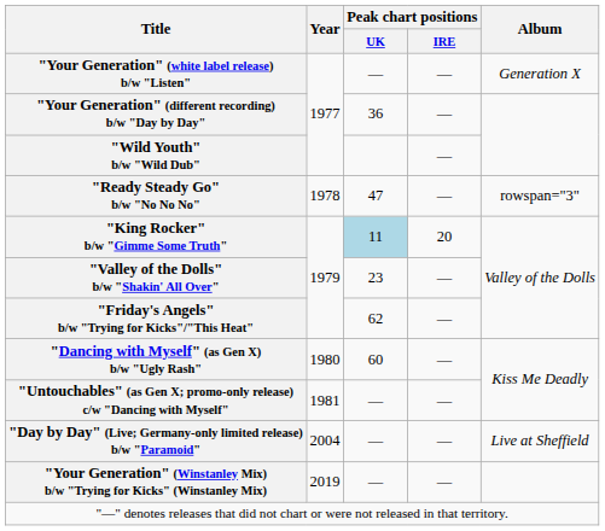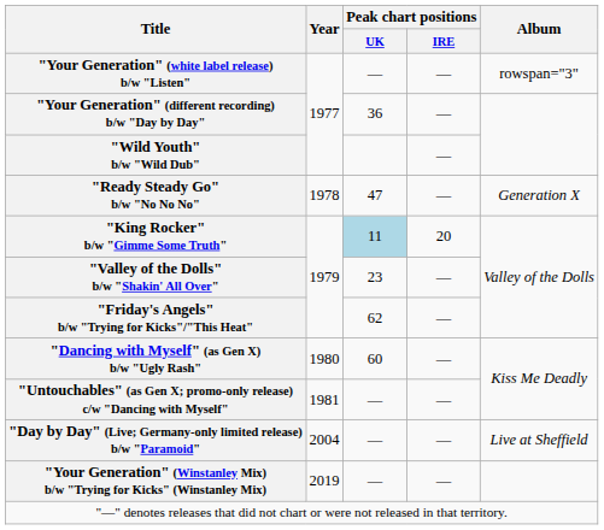 <table class="wikitable plainrowheaders" style="text-align:center;">
 <tr>
 <th rowspan="2">Title</th>
 <th rowspan="2">Year</th>
 <th colspan="2">Peak chart positions</th>
 <th rowspan="2">Album</th>
 </tr>
 <tr>
 <th scope="col"><small><a href='#'>UK</a></small><br></th>
 <th><small><a href='#'>IRE</a></small><br></th>
 </tr>
 <tr>
 <th scope="row">"Your Generation" <small>(<a href='#'>white label release</a>)</small><br><small>b/w "Listen"</small></th>
 <td rowspan="3">1977</td>
 <td>—</td>
 <td>—</td>
-<td><em>Generation X</em></td>
+<td>rowspan="3" </td>
 </tr>
 <tr>
 <th scope="row">"Your Generation" <small>(different recording)</small><br><small>b/w "Day by Day"</small></th>
 <td>36</td>
 <td>—</td>
 </tr>
 <tr>
 <th scope="row">"Wild Youth"<br><small>b/w "Wild Dub"</small></th>
 <td align="center"></td>
 <td>—</td>
 </tr>
 <tr>
 <th scope="row">"Ready Steady Go"<br><small>b/w "No No No"</small></th>
 <td>1978</td>
 <td align="center">47</td>
 <td>—</td>
-<td>rowspan="3" </td>
+<td><em>Generation X</em></td>
 </tr>
 <tr>
 <th scope="row">"King Rocker"<br><small>b/w "<a href='#'>Gimme Some Truth</a>"</small></th>
 <td rowspan="3">1979</td>
 <td align="center" style="background: lightblue;">11</td>
 <td>20</td>
 <td rowspan="3"><em>Valley of the Dolls</em></td>
 </tr>
 <tr>
 <th scope="row">"Valley of the Dolls"<br><small>b/w "<a href='#'>Shakin' All Over</a>"</small></th>
 <td align="center">23</td>
 <td>—</td>
 </tr>
 <tr>
 <th scope="row">"Friday's Angels"<br><small>b/w "Trying for Kicks"/"This Heat"</small></th>
 <td align="center">62</td>
 <td>—</td>
 </tr>
 <tr>
 <th scope="row">"<a href='#'>Dancing with Myself</a>" <small>(as Gen X)</small><br><small>b/w "Ugly Rash"</small></th>
 <td>1980</td>
 <td align="center">60</td>
 <td>—</td>
 <td rowspan="2"><em>Kiss Me Deadly</em></td>
 </tr>
 <tr>
 <th scope="row">"Untouchables" <small>(as Gen X; promo-only release)</small><br><small>c/w "Dancing with Myself"</small></th>
 <td>1981</td>
 <td>—</td>
 <td>—</td>
 </tr>
 <tr>
 <th scope="row">"Day by Day" <small>(Live; Germany-only limited release)</small><br><small>b/w "<a href='#'>Paramoid</a>"</small></th>
 <td>2004</td>
 <td>—</td>
 <td>—</td>
 <td><em>Live at Sheffield</em></td>
 </tr>
 <tr>
 <th scope="row">"Your Generation" <small>(<a href='#'>Winstanley</a> Mix)</small><br><small>b/w "Trying for Kicks" (Winstanley Mix)</small></th>
 <td>2019</td>
 <td align="center">—</td>
 <td>—</td>
 <td></td>
 </tr>
 <tr>
 <td colspan="5" style="font-size:90%">"—" denotes releases that did not chart or were not released in that territory.</td>
 </tr>
 </table>
